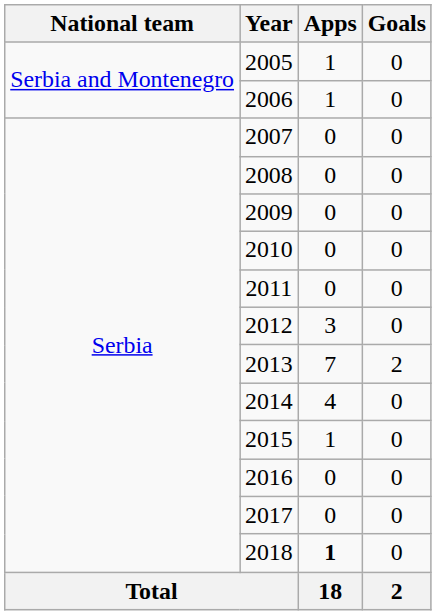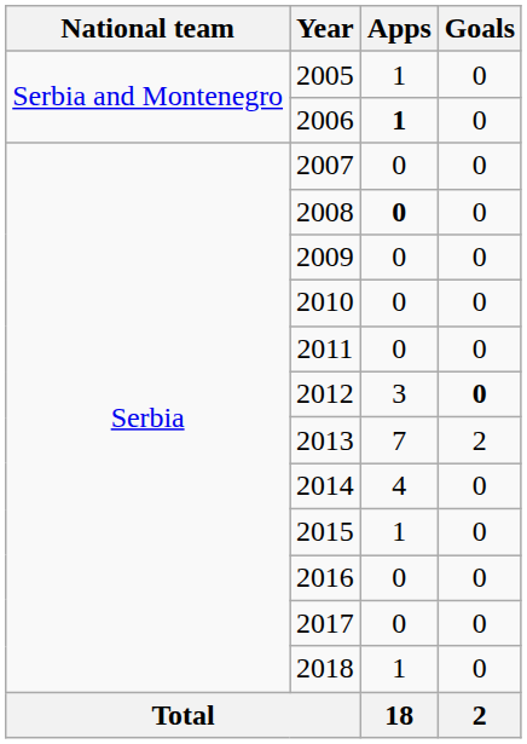 <table class="wikitable" style="text-align:center">
 <tr>
 <th>National team</th>
 <th>Year</th>
 <th>Apps</th>
 <th>Goals</th>
 </tr>
 <tr>
 <td rowspan="2" style="vertical-align:center"><a href='#'>Serbia and Montenegro</a></td>
 <td>2005</td>
 <td>1</td>
 <td>0</td>
 </tr>
 <tr>
 <td>2006</td>
-<td>1</td>
+<td><strong>1</strong></td>
 <td>0</td>
 </tr>
 <tr>
 <td rowspan="12" style="vertical-align:center"><a href='#'>Serbia</a></td>
 <td>2007</td>
 <td>0</td>
 <td>0</td>
 </tr>
 <tr>
 <td>2008</td>
-<td>0</td>
+<td><strong>0</strong></td>
 <td>0</td>
 </tr>
 <tr>
 <td>2009</td>
 <td>0</td>
 <td>0</td>
 </tr>
 <tr>
 <td>2010</td>
 <td>0</td>
 <td>0</td>
 </tr>
 <tr>
 <td>2011</td>
 <td>0</td>
 <td>0</td>
 </tr>
 <tr>
 <td>2012</td>
 <td>3</td>
-<td>0</td>
+<td><strong>0</strong></td>
 </tr>
 <tr>
 <td>2013</td>
 <td>7</td>
 <td>2</td>
 </tr>
 <tr>
 <td>2014</td>
 <td>4</td>
 <td>0</td>
 </tr>
 <tr>
 <td>2015</td>
 <td>1</td>
 <td>0</td>
 </tr>
 <tr>
 <td>2016</td>
 <td>0</td>
 <td>0</td>
 </tr>
 <tr>
 <td>2017</td>
 <td>0</td>
 <td>0</td>
 </tr>
 <tr>
 <td>2018</td>
-<td><strong>1</strong></td>
+<td>1</td>
 <td>0</td>
 </tr>
 <tr>
 <th colspan="2">Total</th>
 <th>18</th>
 <th>2</th>
 </tr>
 </table>
